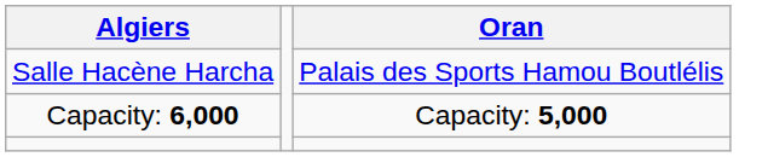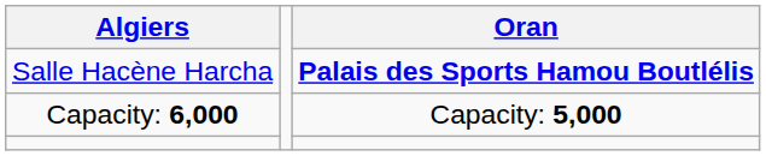 <table class="wikitable" style="text-align:center">
 <tr>
 <th><a href='#'>Algiers</a></th>
 <td rowspan="4"></td>
 <th><a href='#'>Oran</a></th>
 </tr>
 <tr>
 <td><a href='#'>Salle Hacène Harcha</a></td>
-<td><a href='#'>Palais des Sports Hamou Boutlélis</a></td>
+<td><strong><a href='#'>Palais des Sports Hamou Boutlélis</a></strong></td>
 </tr>
 <tr>
 <td>Capacity: <strong>6,000</strong></td>
 <td>Capacity: <strong>5,000</strong></td>
 </tr>
 <tr>
 <td></td>
 <td></td>
 </tr>
 </table>
